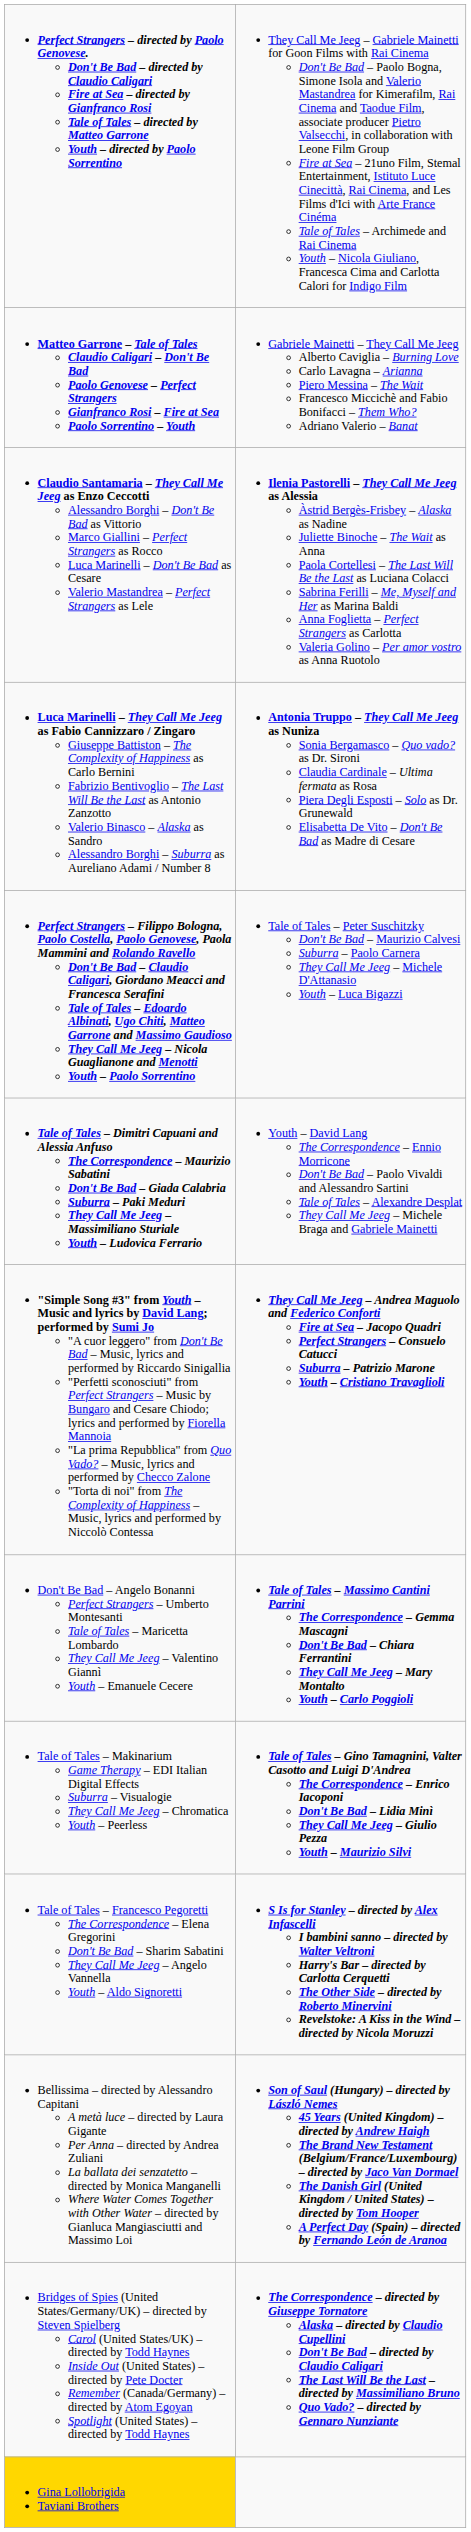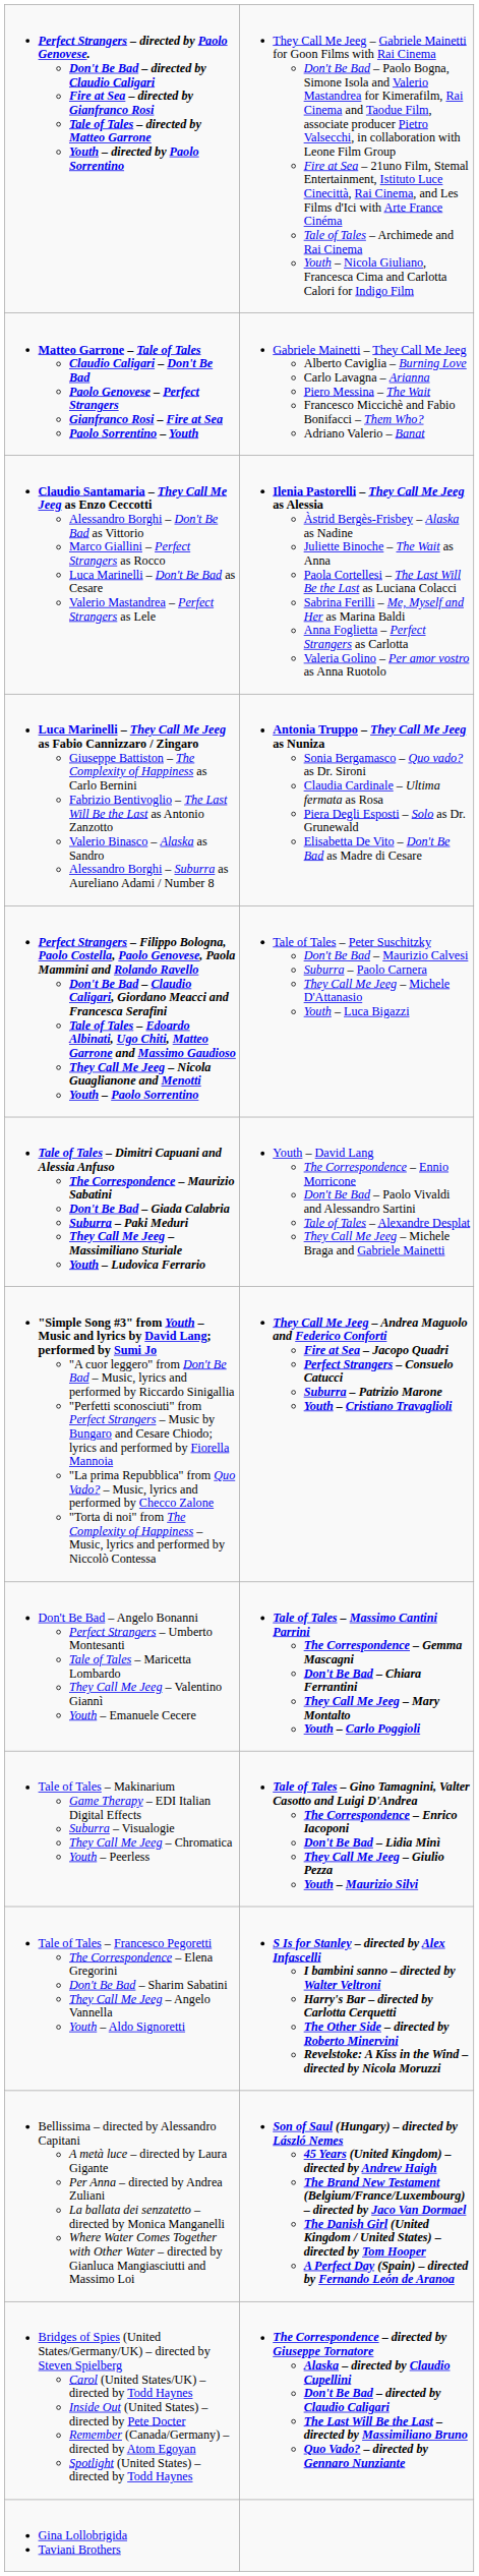 <table class="wikitable" role="presentation">
 <tr>
 <td style="vertical-align:top; width:50%;"><br><ul><li><strong><em><a href='#'>Perfect Strangers</a><em> – directed by <a href='#'>Paolo Genovese</a><strong>.<ul><li></em><a href='#'>Don't Be Bad</a><em> – directed by <a href='#'>Claudio Caligari</a></li><li></em><a href='#'>Fire at Sea</a><em> – directed by <a href='#'>Gianfranco Rosi</a></li><li></em><a href='#'>Tale of Tales</a><em> – directed by <a href='#'>Matteo Garrone</a></li><li></em><a href='#'>Youth</a><em> – directed by <a href='#'>Paolo Sorrentino</a></li></ul></li></ul></td>
 <td style="vertical-align:top; width:50%;"><br><ul><li></em></strong><a href='#'>They Call Me Jeeg</a></em> – <a href='#'>Gabriele Mainetti</a> for Goon Films with <a href='#'>Rai Cinema</a></strong><ul><li><em><a href='#'>Don't Be Bad</a></em> – Paolo Bogna, Simone Isola and <a href='#'>Valerio Mastandrea</a> for Kimerafilm, <a href='#'>Rai Cinema</a> and <a href='#'>Taodue Film</a>, associate producer <a href='#'>Pietro Valsecchi</a>, in collaboration with Leone Film Group</li><li><em><a href='#'>Fire at Sea</a></em> – 21uno Film, Stemal Entertainment, <a href='#'>Istituto Luce Cinecittà</a>, <a href='#'>Rai Cinema</a>, and Les Films d'Ici with <a href='#'>Arte France Cinéma</a></li><li><em><a href='#'>Tale of Tales</a></em> – Archimede and <a href='#'>Rai Cinema</a></li><li><em><a href='#'>Youth</a></em> – <a href='#'>Nicola Giuliano</a>, Francesca Cima and Carlotta Calori for <a href='#'>Indigo Film</a></li></ul></li></ul></td>
 </tr>
 <tr>
 <td style="vertical-align:top; width:50%;"><br><ul><li><strong><a href='#'>Matteo Garrone</a> – <em><a href='#'>Tale of Tales</a><strong><em><ul><li><a href='#'>Claudio Caligari</a> – </em><a href='#'>Don't Be Bad</a><em></li><li><a href='#'>Paolo Genovese</a> – </em><a href='#'>Perfect Strangers</a><em></li><li><a href='#'>Gianfranco Rosi</a> – </em><a href='#'>Fire at Sea</a><em></li><li><a href='#'>Paolo Sorrentino</a> – </em><a href='#'>Youth</a><em></li></ul></li></ul></td>
 <td style="vertical-align:top; width:50%;"><br><ul><li></strong><a href='#'>Gabriele Mainetti</a> – </em><a href='#'>They Call Me Jeeg</a></em></strong><ul><li>Alberto Caviglia – <em><a href='#'>Burning Love</a></em></li><li>Carlo Lavagna – <em><a href='#'>Arianna</a></em></li><li><a href='#'>Piero Messina</a> – <em><a href='#'>The Wait</a></em></li><li>Francesco Miccichè and Fabio Bonifacci – <em><a href='#'>Them Who?</a></em></li><li>Adriano Valerio – <em><a href='#'>Banat</a></em></li></ul></li></ul></td>
 </tr>
 <tr>
 <td style="vertical-align:top; width:50%;"><br><ul><li><strong><a href='#'>Claudio Santamaria</a> – <em><a href='#'>They Call Me Jeeg</a></em> as Enzo Ceccotti</strong><ul><li><a href='#'>Alessandro Borghi</a> – <em><a href='#'>Don't Be Bad</a></em> as Vittorio</li><li><a href='#'>Marco Giallini</a> – <em><a href='#'>Perfect Strangers</a></em> as Rocco</li><li><a href='#'>Luca Marinelli</a> – <em><a href='#'>Don't Be Bad</a></em> as Cesare</li><li><a href='#'>Valerio Mastandrea</a> – <em><a href='#'>Perfect Strangers</a></em> as Lele</li></ul></li></ul></td>
 <td style="vertical-align:top; width:50%;"><br><ul><li><strong><a href='#'>Ilenia Pastorelli</a> – <em><a href='#'>They Call Me Jeeg</a></em> as Alessia</strong><ul><li><a href='#'>Àstrid Bergès-Frisbey</a> – <em><a href='#'>Alaska</a></em> as Nadine</li><li><a href='#'>Juliette Binoche</a> – <em><a href='#'>The Wait</a></em> as Anna</li><li><a href='#'>Paola Cortellesi</a> – <em><a href='#'>The Last Will Be the Last</a></em> as Luciana Colacci</li><li><a href='#'>Sabrina Ferilli</a> – <em><a href='#'>Me, Myself and Her</a></em> as Marina Baldi</li><li><a href='#'>Anna Foglietta</a> – <em><a href='#'>Perfect Strangers</a></em> as Carlotta</li><li><a href='#'>Valeria Golino</a> – <em><a href='#'>Per amor vostro</a></em> as Anna Ruotolo</li></ul></li></ul></td>
 </tr>
 <tr>
 <td style="vertical-align:top; width:50%;"><br><ul><li><strong><a href='#'>Luca Marinelli</a> – <em><a href='#'>They Call Me Jeeg</a></em> as Fabio Cannizzaro / Zingaro</strong><ul><li><a href='#'>Giuseppe Battiston</a> – <em><a href='#'>The Complexity of Happiness</a></em> as Carlo Bernini</li><li><a href='#'>Fabrizio Bentivoglio</a> – <em><a href='#'>The Last Will Be the Last</a></em> as Antonio Zanzotto</li><li><a href='#'>Valerio Binasco</a> – <em><a href='#'>Alaska</a></em> as Sandro</li><li><a href='#'>Alessandro Borghi</a> – <em><a href='#'>Suburra</a></em> as Aureliano Adami / Number 8</li></ul></li></ul></td>
 <td style="vertical-align:top; width:50%;"><br><ul><li><strong><a href='#'>Antonia Truppo</a> – <em><a href='#'>They Call Me Jeeg</a></em> as Nuniza</strong><ul><li><a href='#'>Sonia Bergamasco</a> – <em><a href='#'>Quo vado?</a></em> as Dr. Sironi</li><li><a href='#'>Claudia Cardinale</a> – <em>Ultima fermata</em> as Rosa</li><li><a href='#'>Piera Degli Esposti</a> – <em><a href='#'>Solo</a></em> as Dr. Grunewald</li><li><a href='#'>Elisabetta De Vito</a> – <em><a href='#'>Don't Be Bad</a></em> as Madre di Cesare</li></ul></li></ul></td>
 </tr>
 <tr>
 <td style="vertical-align:top; width:50%;"><br><ul><li><strong><em><a href='#'>Perfect Strangers</a><em> – Filippo Bologna, <a href='#'>Paolo Costella</a>, <a href='#'>Paolo Genovese</a>, Paola Mammini and <a href='#'>Rolando Ravello</a><strong><ul><li></em><a href='#'>Don't Be Bad</a><em> – <a href='#'>Claudio Caligari</a>, Giordano Meacci and Francesca Serafini</li><li></em><a href='#'>Tale of Tales</a><em> – <a href='#'>Edoardo Albinati</a>, <a href='#'>Ugo Chiti</a>, <a href='#'>Matteo Garrone</a> and <a href='#'>Massimo Gaudioso</a></li><li></em><a href='#'>They Call Me Jeeg</a><em> – Nicola Guaglianone and <a href='#'>Menotti</a></li><li></em><a href='#'>Youth</a><em> – <a href='#'>Paolo Sorrentino</a></li></ul></li></ul></td>
 <td style="vertical-align:top; width:50%;"><br><ul><li></em></strong><a href='#'>Tale of Tales</a></em> – <a href='#'>Peter Suschitzky</a></strong><ul><li><em><a href='#'>Don't Be Bad</a></em> – <a href='#'>Maurizio Calvesi</a></li><li><em><a href='#'>Suburra</a></em> – <a href='#'>Paolo Carnera</a></li><li><em><a href='#'>They Call Me Jeeg</a></em> – <a href='#'>Michele D'Attanasio</a></li><li><em><a href='#'>Youth</a></em> – <a href='#'>Luca Bigazzi</a></li></ul></li></ul></td>
 </tr>
 <tr>
 <td style="vertical-align:top; width:50%;"><br><ul><li><strong><em><a href='#'>Tale of Tales</a><em> – Dimitri Capuani and Alessia Anfuso<strong><ul><li></em><a href='#'>The Correspondence</a><em> – Maurizio Sabatini</li><li></em><a href='#'>Don't Be Bad</a><em> – Giada Calabria</li><li></em><a href='#'>Suburra</a><em> – Paki Meduri</li><li></em><a href='#'>They Call Me Jeeg</a><em> – Massimiliano Sturiale</li><li></em><a href='#'>Youth</a><em> – Ludovica Ferrario</li></ul></li></ul></td>
 <td style="vertical-align:top; width:50%;"><br><ul><li></em></strong><a href='#'>Youth</a></em> – <a href='#'>David Lang</a></strong><ul><li><em><a href='#'>The Correspondence</a></em> – <a href='#'>Ennio Morricone</a></li><li><em><a href='#'>Don't Be Bad</a></em> – Paolo Vivaldi and Alessandro Sartini</li><li><em><a href='#'>Tale of Tales</a></em> – <a href='#'>Alexandre Desplat</a></li><li><em><a href='#'>They Call Me Jeeg</a></em> – Michele Braga and <a href='#'>Gabriele Mainetti</a></li></ul></li></ul></td>
 </tr>
 <tr>
 <td style="vertical-align:top; width:50%;"><br><ul><li><strong>"Simple Song #3" from <em><a href='#'>Youth</a></em> – Music and lyrics by <a href='#'>David Lang</a>; performed by <a href='#'>Sumi Jo</a> </strong><ul><li>"A cuor leggero" from <em><a href='#'>Don't Be Bad</a></em> – Music, lyrics and performed by Riccardo Sinigallia</li><li>"Perfetti sconosciuti" from <em><a href='#'>Perfect Strangers</a></em> – Music by <a href='#'>Bungaro</a> and Cesare Chiodo; lyrics and performed by <a href='#'>Fiorella Mannoia</a></li><li>"La prima Repubblica" from <em><a href='#'>Quo Vado?</a></em> – Music, lyrics and performed by <a href='#'>Checco Zalone</a></li><li>"Torta di noi" from <em><a href='#'>The Complexity of Happiness</a></em> – Music, lyrics and performed by Niccolò Contessa</li></ul></li></ul></td>
 <td style="vertical-align:top; width:50%;"><br><ul><li><strong><em><a href='#'>They Call Me Jeeg</a><em> – Andrea Maguolo and <a href='#'>Federico Conforti</a><strong><ul><li></em><a href='#'>Fire at Sea</a><em> – Jacopo Quadri</li><li></em><a href='#'>Perfect Strangers</a><em> – Consuelo Catucci</li><li></em><a href='#'>Suburra</a><em> – Patrizio Marone</li><li></em><a href='#'>Youth</a><em> – <a href='#'>Cristiano Travaglioli</a></li></ul></li></ul></td>
 </tr>
 <tr>
 <td style="vertical-align:top; width:50%;"><br><ul><li></em></strong><a href='#'>Don't Be Bad</a></em> – Angelo Bonanni</strong><ul><li><em><a href='#'>Perfect Strangers</a></em> – Umberto Montesanti</li><li><em><a href='#'>Tale of Tales</a></em> – Maricetta Lombardo</li><li><em><a href='#'>They Call Me Jeeg</a></em> – Valentino Giannì</li><li><em><a href='#'>Youth</a></em> – Emanuele Cecere</li></ul></li></ul></td>
 <td style="vertical-align:top; width:50%;"><br><ul><li><strong><em><a href='#'>Tale of Tales</a><em> – <a href='#'>Massimo Cantini Parrini</a><strong><ul><li></em><a href='#'>The Correspondence</a><em> – Gemma Mascagni</li><li></em><a href='#'>Don't Be Bad</a><em> – Chiara Ferrantini</li><li></em><a href='#'>They Call Me Jeeg</a><em> – Mary Montalto</li><li></em><a href='#'>Youth</a><em> – <a href='#'>Carlo Poggioli</a></li></ul></li></ul></td>
 </tr>
 <tr>
 <td style="vertical-align:top; width:50%;"><br><ul><li></em></strong><a href='#'>Tale of Tales</a></em> – Makinarium</strong><ul><li><em><a href='#'>Game Therapy</a></em> – EDI Italian Digital Effects</li><li><em><a href='#'>Suburra</a></em> – Visualogie</li><li><em><a href='#'>They Call Me Jeeg</a></em> – Chromatica</li><li><em><a href='#'>Youth</a></em> – Peerless</li></ul></li></ul></td>
 <td style="vertical-align:top; width:50%;"><br><ul><li><strong><em><a href='#'>Tale of Tales</a><em> – Gino Tamagnini, Valter Casotto and Luigi D'Andrea<strong><ul><li></em><a href='#'>The Correspondence</a><em> – Enrico Iacoponi</li><li></em><a href='#'>Don't Be Bad</a><em> – Lidia Minì</li><li></em><a href='#'>They Call Me Jeeg</a><em> – Giulio Pezza</li><li></em><a href='#'>Youth</a><em> – <a href='#'>Maurizio Silvi</a></li></ul></li></ul></td>
 </tr>
 <tr>
 <td style="vertical-align:top; width:50%;"><br><ul><li></em></strong><a href='#'>Tale of Tales</a></em> – <a href='#'>Francesco Pegoretti</a></strong><ul><li><em><a href='#'>The Correspondence</a></em> – Elena Gregorini</li><li><em><a href='#'>Don't Be Bad</a></em> – Sharim Sabatini</li><li><em><a href='#'>They Call Me Jeeg</a></em> – Angelo Vannella</li><li><em><a href='#'>Youth</a></em> – <a href='#'>Aldo Signoretti</a></li></ul></li></ul></td>
 <td style="vertical-align:top; width:50%;"><br><ul><li><strong><em><a href='#'>S Is for Stanley</a><em> – directed by <a href='#'>Alex Infascelli</a><strong><ul><li></em>I bambini sanno<em> – directed by <a href='#'>Walter Veltroni</a></li><li></em>Harry's Bar<em> – directed by Carlotta Cerquetti</li><li></em><a href='#'>The Other Side</a><em> – directed by <a href='#'>Roberto Minervini</a></li><li></em>Revelstoke: A Kiss in the Wind<em> – directed by Nicola Moruzzi</li></ul></li></ul></td>
 </tr>
 <tr>
 <td style="vertical-align:top; width:50%;"><br><ul><li></em></strong>Bellissima</em> – directed by Alessandro Capitani</strong><ul><li><em>A metà luce</em> – directed by Laura Gigante</li><li><em>Per Anna</em> – directed by Andrea Zuliani</li><li><em>La ballata dei senzatetto</em> – directed by Monica Manganelli</li><li><em>Where Water Comes Together with Other Water</em> – directed by Gianluca Mangiasciutti and Massimo Loi</li></ul></li></ul></td>
 <td style="vertical-align:top; width:50%;"><br><ul><li><strong><em><a href='#'>Son of Saul</a><em> (Hungary) – directed by <a href='#'>László Nemes</a><strong><ul><li></em><a href='#'>45 Years</a><em> (United Kingdom) – directed by <a href='#'>Andrew Haigh</a></li><li></em><a href='#'>The Brand New Testament</a><em> (Belgium/France/Luxembourg) – directed by <a href='#'>Jaco Van Dormael</a></li><li></em><a href='#'>The Danish Girl</a><em> (United Kingdom / United States) – directed by <a href='#'>Tom Hooper</a></li><li></em><a href='#'>A Perfect Day</a><em> (Spain) – directed by <a href='#'>Fernando León de Aranoa</a></li></ul></li></ul></td>
 </tr>
 <tr>
 <td style="vertical-align:top; width:50%;"><br><ul><li></em></strong><a href='#'>Bridges of Spies</a></em> (United States/Germany/UK) – directed by <a href='#'>Steven Spielberg</a></strong><ul><li><em><a href='#'>Carol</a></em> (United States/UK) – directed by <a href='#'>Todd Haynes</a></li><li><em><a href='#'>Inside Out</a></em> (United States) – directed by <a href='#'>Pete Docter</a></li><li><em><a href='#'>Remember</a></em> (Canada/Germany) – directed by <a href='#'>Atom Egoyan</a></li><li><em><a href='#'>Spotlight</a></em> (United States) – directed by <a href='#'>Todd Haynes</a></li></ul></li></ul></td>
 <td style="vertical-align:top; width:50%;"><br><ul><li><strong><em><a href='#'>The Correspondence</a><em> – directed by <a href='#'>Giuseppe Tornatore</a><strong><ul><li></em><a href='#'>Alaska</a><em> – directed by <a href='#'>Claudio Cupellini</a></li><li></em><a href='#'>Don't Be Bad</a><em> – directed by <a href='#'>Claudio Caligari</a></li><li></em><a href='#'>The Last Will Be the Last</a><em> – directed by <a href='#'>Massimiliano Bruno</a></li><li></em><a href='#'>Quo Vado?</a><em> – directed by <a href='#'>Gennaro Nunziante</a></li></ul></li></ul></td>
 </tr>
 <tr>
-<td style="background: gold; vertical-align:top; width:50%;"><br><ul><li></strong><a href='#'>Gina Lollobrigida</a><strong></li><li></strong><a href='#'>Taviani Brothers</a><strong></li></ul></td>
+<td style="vertical-align:top; width:50%;"><br><ul><li></strong><a href='#'>Gina Lollobrigida</a><strong></li><li></strong><a href='#'>Taviani Brothers</a><strong></li></ul></td>
 </tr>
 </table>
